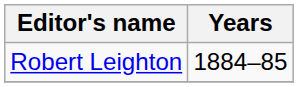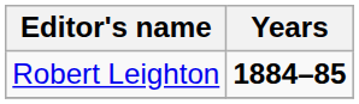 <table class="wikitable">
 <tr>
 <th>Editor's name</th>
 <th>Years</th>
 </tr>
 <tr>
 <td><a href='#'>Robert Leighton</a></td>
-<td>1884–85</td>
+<td><strong>1884–85</strong></td>
 </tr>
 <tr>
 </tr>
 </table>
